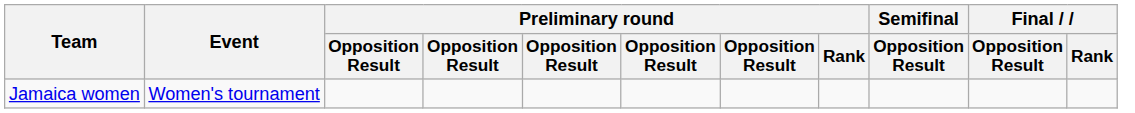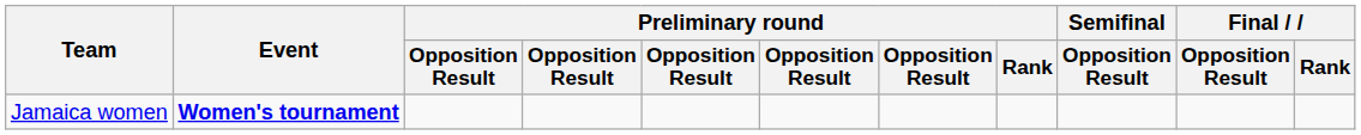 <table class=wikitable style=font-size:90%;text-align:center>
 <tr>
 <th rowspan=2>Team</th>
 <th rowspan=2>Event</th>
 <th colspan=6>Preliminary round</th>
 <th>Semifinal</th>
 <th colspan=2>Final /  / </th>
 </tr>
 <tr style=font-size:95%>
 <th>Opposition<br>Result</th>
 <th>Opposition<br>Result</th>
 <th>Opposition<br>Result</th>
 <th>Opposition<br>Result</th>
 <th>Opposition<br>Result</th>
 <th>Rank</th>
 <th>Opposition<br>Result</th>
 <th>Opposition<br>Result</th>
 <th>Rank</th>
 </tr>
 <tr>
 <td align=left><a href='#'>Jamaica women</a></td>
-<td align=left><a href='#'>Women's tournament</a></td>
+<td align=left><strong><a href='#'>Women's tournament</a></strong></td>
 <td></td>
 <td></td>
 <td></td>
 <td></td>
 <td></td>
 <td></td>
 <td></td>
 <td></td>
 <td></td>
 </tr>
 </table>
